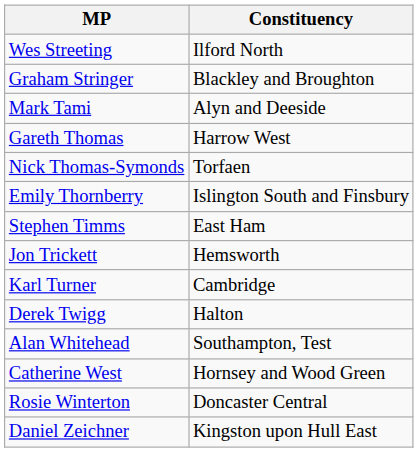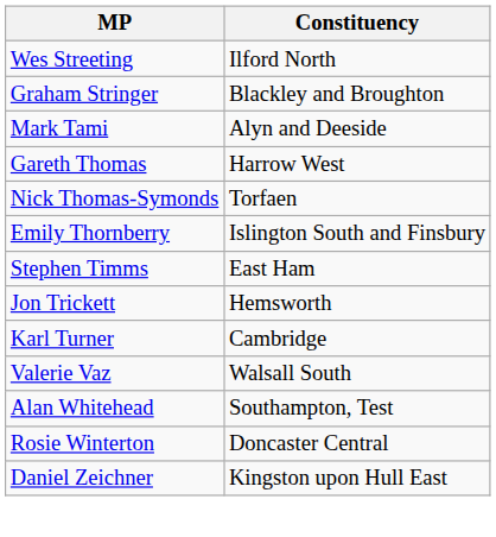 <table class="wikitable" style="display: inline-table;">
 <tr>
 <th>MP</th>
 <th>Constituency</th>
 </tr>
 <tr>
 <td><a href='#'>Wes Streeting</a></td>
 <td>Ilford North</td>
 </tr>
 <tr>
 <td><a href='#'>Graham Stringer</a></td>
 <td>Blackley and Broughton</td>
 </tr>
 <tr>
 <td><a href='#'>Mark Tami</a></td>
 <td>Alyn and Deeside</td>
 </tr>
 <tr>
 <td><a href='#'>Gareth Thomas</a></td>
 <td>Harrow West</td>
 </tr>
 <tr>
 <td><a href='#'>Nick Thomas-Symonds</a></td>
 <td>Torfaen</td>
 </tr>
 <tr>
 <td><a href='#'>Emily Thornberry</a></td>
 <td>Islington South and Finsbury</td>
 </tr>
 <tr>
 <td><a href='#'>Stephen Timms</a></td>
 <td>East Ham</td>
 </tr>
 <tr>
 <td><a href='#'>Jon Trickett</a></td>
 <td>Hemsworth</td>
 </tr>
 <tr>
 <td><a href='#'>Karl Turner</a></td>
 <td>Cambridge</td>
 </tr>
 <tr>
-<td><a href='#'>Derek Twigg</a></td>
-<td>Halton</td>
+<td><a href='#'>Valerie Vaz</a></td>
+<td>Walsall South</td>
 </tr>
 <tr>
 <td><a href='#'>Alan Whitehead</a></td>
 <td>Southampton, Test</td>
-</tr>
-<tr>
-<td><a href='#'>Catherine West</a></td>
-<td>Hornsey and Wood Green</td>
 </tr>
 <tr>
 <td><a href='#'>Rosie Winterton</a></td>
 <td>Doncaster Central</td>
 </tr>
 <tr>
 <td><a href='#'>Daniel Zeichner</a></td>
 <td>Kingston upon Hull East</td>
 </tr>
 </table>
